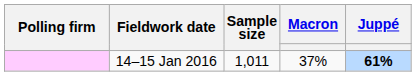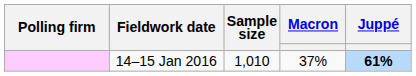 <table class="wikitable sortable" style="text-align:center;font-size:90%;line-height:14px;">
 <tr style="height:40px;">
 <th style="width:100px;" rowspan="2">Polling firm</th>
 <th style="width:110px;" rowspan="2">Fieldwork date</th>
 <th style="width:35px;" rowspan="2">Sample<br>size</th>
 <th class="unsortable" style="width:60px;"><a href='#'>Macron</a><br></th>
 <th class="unsortable" style="width:60px;"><a href='#'>Juppé</a><br></th>
 </tr>
 <tr>
 <th style="background:"></th>
 <th style="background:"></th>
 </tr>
 <tr>
 <td style="background:#FFCCFF;"></td>
 <td data-sort-value="2016-01-15">14–15 Jan 2016</td>
-<td>1,011</td>
+<td>1,010</td>
 <td>37%</td>
 <td style="background:#B9DAFF;"><strong>61%</strong></td>
 </tr>
 </table>
